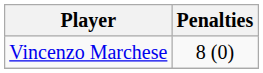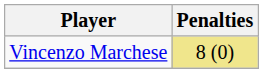 <table class="wikitable">
 <tr>
 <th>Player</th>
 <th>Penalties</th>
 </tr>
 <tr>
 <td> <a href='#'>Vincenzo Marchese</a></td>
-<td align=center>8 (0)</td>
+<td align=center style="background: khaki;">8 (0)</td>
 </tr>
 <tr>
 </tr>
 </table>
